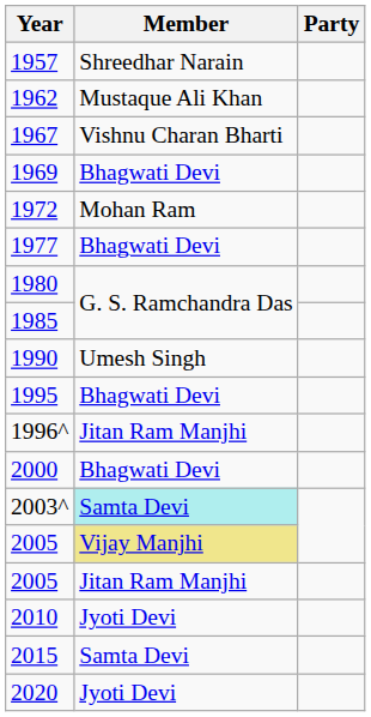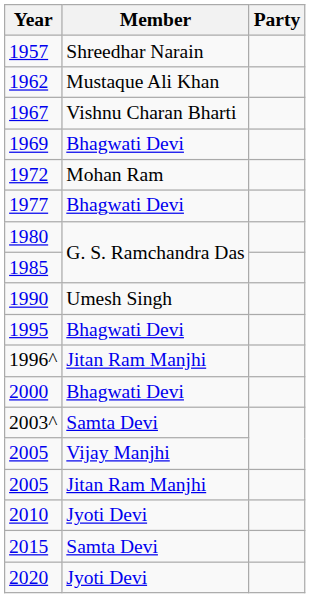 <table class="wikitable sortable">
 <tr>
 <th>Year</th>
 <th>Member</th>
 <th colspan="2">Party</th>
 </tr>
 <tr>
 <td><a href='#'>1957</a></td>
 <td>Shreedhar Narain</td>
 <td></td>
 </tr>
 <tr>
 <td><a href='#'>1962</a></td>
 <td>Mustaque Ali Khan</td>
 <td></td>
 </tr>
 <tr>
 <td><a href='#'>1967</a></td>
 <td>Vishnu Charan Bharti</td>
 <td></td>
 </tr>
 <tr>
 <td><a href='#'>1969</a></td>
 <td><a href='#'>Bhagwati Devi</a></td>
 <td></td>
 </tr>
 <tr>
 <td><a href='#'>1972</a></td>
 <td>Mohan Ram</td>
 <td></td>
 </tr>
 <tr>
 <td><a href='#'>1977</a></td>
 <td><a href='#'>Bhagwati Devi</a></td>
 <td></td>
 </tr>
 <tr>
 <td><a href='#'>1980</a></td>
 <td rowspan="2">G. S. Ramchandra Das</td>
 <td></td>
 </tr>
 <tr>
 <td><a href='#'>1985</a></td>
 <td></td>
 </tr>
 <tr>
 <td><a href='#'>1990</a></td>
 <td>Umesh Singh</td>
 <td></td>
 </tr>
 <tr>
 <td><a href='#'>1995</a></td>
 <td><a href='#'>Bhagwati Devi</a></td>
 <td></td>
 </tr>
 <tr>
 <td>1996^</td>
 <td><a href='#'>Jitan Ram Manjhi</a></td>
 </tr>
 <tr>
 <td><a href='#'>2000</a></td>
 <td><a href='#'>Bhagwati Devi</a></td>
 <td></td>
 </tr>
 <tr>
 <td>2003^</td>
-<td style="background: paleturquoise;"><a href='#'>Samta Devi</a></td>
+<td><a href='#'>Samta Devi</a></td>
 </tr>
 <tr>
 <td><a href='#'>2005</a></td>
-<td style="background: khaki;"><a href='#'>Vijay Manjhi</a></td>
+<td><a href='#'>Vijay Manjhi</a></td>
 </tr>
 <tr>
 <td><a href='#'>2005</a></td>
 <td><a href='#'>Jitan Ram Manjhi</a></td>
 <td></td>
 </tr>
 <tr>
 <td><a href='#'>2010</a></td>
 <td><a href='#'>Jyoti Devi</a></td>
 </tr>
 <tr>
 <td><a href='#'>2015</a></td>
 <td><a href='#'>Samta Devi</a></td>
 <td></td>
 </tr>
 <tr>
 <td><a href='#'>2020</a></td>
 <td><a href='#'>Jyoti Devi</a></td>
 <td></td>
 </tr>
 </table>
